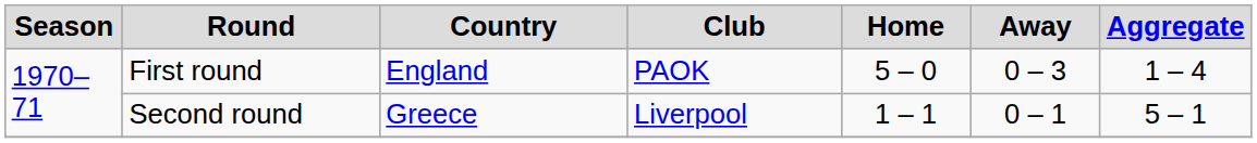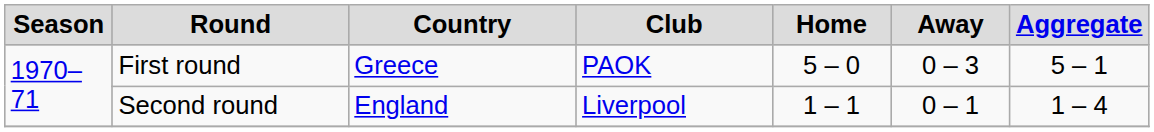 <table class="wikitable" style="text-align: center;">
 <tr>
 <th width="60" style="background:#DCDCDC">Season</th>
 <th width="140" style="background:#DCDCDC">Round</th>
 <th width="135" style="background:#DCDCDC">Country</th>
 <th width="115" style="background:#DCDCDC">Club</th>
 <th width="67" style="background:#DCDCDC">Home</th>
 <th width="67" style="background:#DCDCDC">Away</th>
 <th width="67" style="background:#DCDCDC"><a href='#'>Aggregate</a></th>
 </tr>
 <tr>
 <td rowspan=2 align=left><a href='#'>1970–71</a></td>
 <td align=left>First round</td>
-<td align=left> <a href='#'>England</a></td>
+<td align=left> <a href='#'>Greece</a></td>
 <td align=left><a href='#'>PAOK</a></td>
 <td>5 – 0</td>
 <td>0 – 3</td>
-<td>1 – 4</td>
+<td>5 – 1</td>
 </tr>
 <tr>
 <td align=left>Second round</td>
-<td align=left> <a href='#'>Greece</a></td>
+<td align=left> <a href='#'>England</a></td>
 <td align=left><a href='#'>Liverpool</a></td>
 <td>1 – 1</td>
 <td>0 – 1</td>
-<td>5 – 1</td>
+<td>1 – 4</td>
 </tr>
 <tr>
 </tr>
 </table>
